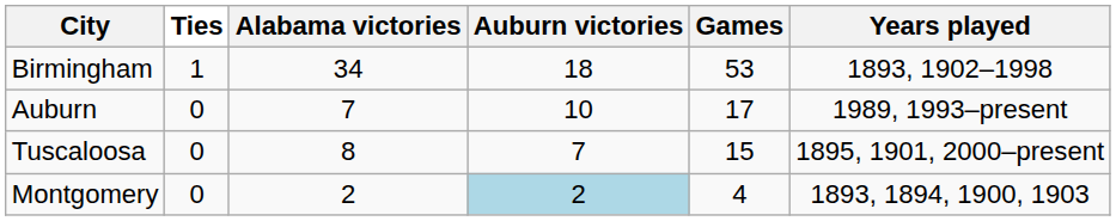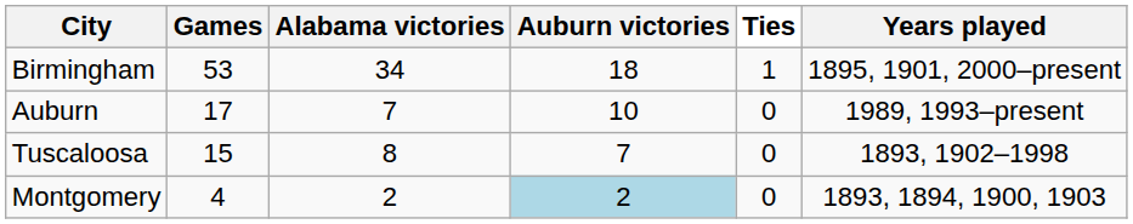 <table class="wikitable sortable">
 <tr>
 <th>City</th>
-<th style="text-align:center; background:white; color:black;">Ties</th>
+<th>Games</th>
 <th>Alabama victories</th>
 <th>Auburn victories</th>
-<th>Games</th>
+<th style="text-align:center; background:white; color:black;">Ties</th>
 <th>Years played</th>
 </tr>
 <tr>
 <td>Birmingham</td>
-<td style="text-align:center;">1</td>
+<td style="text-align:center;">53</td>
 <td style="text-align:center;">34</td>
 <td style="text-align:center;">18</td>
-<td style="text-align:center;">53</td>
-<td style="text-align:center;">1893, 1902–1998</td>
+<td style="text-align:center;">1</td>
+<td style="text-align:center;">1895, 1901, 2000–present</td>
 </tr>
 <tr>
 <td>Auburn</td>
-<td style="text-align:center;">0</td>
+<td style="text-align:center;">17</td>
 <td style="text-align:center;">7</td>
 <td style="text-align:center;">10</td>
-<td style="text-align:center;">17</td>
+<td style="text-align:center;">0</td>
 <td style="text-align:center;">1989, 1993–present</td>
 </tr>
 <tr>
 <td>Tuscaloosa</td>
-<td style="text-align:center;">0</td>
+<td style="text-align:center;">15</td>
 <td style="text-align:center;">8</td>
 <td style="text-align:center;">7</td>
-<td style="text-align:center;">15</td>
-<td style="text-align:center;">1895, 1901, 2000–present</td>
+<td style="text-align:center;">0</td>
+<td style="text-align:center;">1893, 1902–1998</td>
 </tr>
 <tr>
 <td>Montgomery</td>
-<td style="text-align:center;">0</td>
+<td style="text-align:center;">4</td>
 <td style="text-align:center;">2</td>
 <td style="background: lightblue; text-align:center;">2</td>
-<td style="text-align:center;">4</td>
+<td style="text-align:center;">0</td>
 <td style="text-align:center;">1893, 1894, 1900, 1903</td>
 </tr>
 </table>
